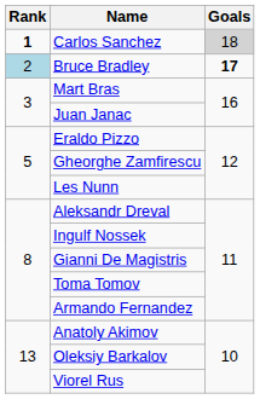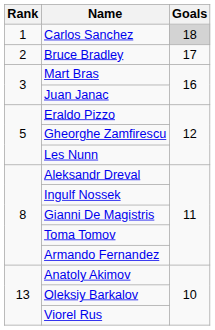 <table class="wikitable" style="text-align: center;">
 <tr>
 <th>Rank</th>
 <th>Name</th>
 <th>Goals</th>
 </tr>
 <tr>
-<td><strong>1</strong></td>
+<td>1</td>
 <td align="left"> <a href='#'>Carlos Sanchez</a></td>
 <td style="background: lightgrey;">18</td>
 </tr>
 <tr>
-<td style="background: lightblue;">2</td>
+<td>2</td>
 <td align="left"> <a href='#'>Bruce Bradley</a></td>
-<td><strong>17</strong></td>
+<td>17</td>
 </tr>
 <tr>
 <td rowspan=2>3</td>
 <td align="left"> <a href='#'>Mart Bras</a></td>
 <td rowspan=2>16</td>
 </tr>
 <tr>
 <td align="left"> <a href='#'>Juan Janac</a></td>
 </tr>
 <tr>
 <td rowspan=3>5</td>
 <td align="left"> <a href='#'>Eraldo Pizzo</a></td>
 <td rowspan=3>12</td>
 </tr>
 <tr>
 <td align="left"> <a href='#'>Gheorghe Zamfirescu</a></td>
 </tr>
 <tr>
 <td align="left"> <a href='#'>Les Nunn</a></td>
 </tr>
 <tr>
 <td rowspan=5>8</td>
 <td align="left"> <a href='#'>Aleksandr Dreval</a></td>
 <td rowspan=5>11</td>
 </tr>
 <tr>
 <td align="left"> <a href='#'>Ingulf Nossek</a></td>
 </tr>
 <tr>
 <td align="left"> <a href='#'>Gianni De Magistris</a></td>
 </tr>
 <tr>
 <td align="left"> <a href='#'>Toma Tomov</a></td>
 </tr>
 <tr>
 <td align="left"> <a href='#'>Armando Fernandez</a></td>
 </tr>
 <tr>
 <td rowspan=3>13</td>
 <td align="left"> <a href='#'>Anatoly Akimov</a></td>
 <td rowspan=3>10</td>
 </tr>
 <tr>
 <td align="left"> <a href='#'>Oleksiy Barkalov</a></td>
 </tr>
 <tr>
 <td align="left"> <a href='#'>Viorel Rus</a></td>
 </tr>
 </table>
